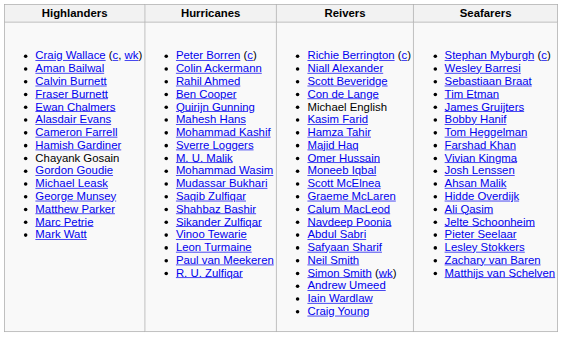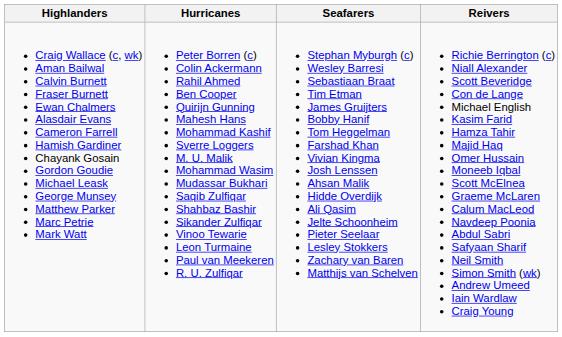 <table class="wikitable">
 <tr>
 <th>Highlanders</th>
 <th>Hurricanes</th>
+<th>Seafarers</th>
 <th>Reivers</th>
-<th>Seafarers</th>
 </tr>
 <tr style="vertical-align:top">
 <td><br><ul><li><a href='#'>Craig Wallace</a> (<a href='#'>c</a>, <a href='#'>wk</a>)</li><li><a href='#'>Aman Bailwal</a></li><li><a href='#'>Calvin Burnett</a></li><li><a href='#'>Fraser Burnett</a></li><li><a href='#'>Ewan Chalmers</a></li><li><a href='#'>Alasdair Evans</a></li><li><a href='#'>Cameron Farrell</a></li><li><a href='#'>Hamish Gardiner</a></li><li>Chayank Gosain</li><li><a href='#'>Gordon Goudie</a></li><li><a href='#'>Michael Leask</a></li><li><a href='#'>George Munsey</a></li><li><a href='#'>Matthew Parker</a></li><li><a href='#'>Marc Petrie</a></li><li><a href='#'>Mark Watt</a></li></ul></td>
 <td><br><ul><li><a href='#'>Peter Borren</a> (<a href='#'>c</a>)</li><li><a href='#'>Colin Ackermann</a></li><li><a href='#'>Rahil Ahmed</a></li><li><a href='#'>Ben Cooper</a></li><li><a href='#'>Quirijn Gunning</a></li><li><a href='#'>Mahesh Hans</a></li><li><a href='#'>Mohammad Kashif</a></li><li><a href='#'>Sverre Loggers</a></li><li><a href='#'>M. U. Malik</a></li><li><a href='#'>Mohammad Wasim</a></li><li><a href='#'>Mudassar Bukhari</a></li><li><a href='#'>Saqib Zulfiqar</a></li><li><a href='#'>Shahbaz Bashir</a></li><li><a href='#'>Sikander Zulfiqar</a></li><li><a href='#'>Vinoo Tewarie</a></li><li><a href='#'>Leon Turmaine</a></li><li><a href='#'>Paul van Meekeren</a></li><li><a href='#'>R. U. Zulfiqar</a></li></ul></td>
+<td><br><ul><li><a href='#'>Stephan Myburgh</a> (<a href='#'>c</a>)</li><li><a href='#'>Wesley Barresi</a></li><li><a href='#'>Sebastiaan Braat</a></li><li><a href='#'>Tim Etman</a></li><li><a href='#'>James Gruijters</a></li><li><a href='#'>Bobby Hanif</a></li><li><a href='#'>Tom Heggelman</a></li><li><a href='#'>Farshad Khan</a></li><li><a href='#'>Vivian Kingma</a></li><li><a href='#'>Josh Lenssen</a></li><li><a href='#'>Ahsan Malik</a></li><li><a href='#'>Hidde Overdijk</a></li><li><a href='#'>Ali Qasim</a></li><li><a href='#'>Jelte Schoonheim</a></li><li><a href='#'>Pieter Seelaar</a></li><li><a href='#'>Lesley Stokkers</a></li><li><a href='#'>Zachary van Baren</a></li><li><a href='#'>Matthijs van Schelven</a></li></ul></td>
 <td><br><ul><li><a href='#'>Richie Berrington</a> (<a href='#'>c</a>)</li><li><a href='#'>Niall Alexander</a></li><li><a href='#'>Scott Beveridge</a></li><li><a href='#'>Con de Lange</a></li><li>Michael English</li><li><a href='#'>Kasim Farid</a></li><li><a href='#'>Hamza Tahir</a></li><li><a href='#'>Majid Haq</a></li><li><a href='#'>Omer Hussain</a></li><li><a href='#'>Moneeb Iqbal</a></li><li><a href='#'>Scott McElnea</a></li><li><a href='#'>Graeme McLaren</a></li><li><a href='#'>Calum MacLeod</a></li><li><a href='#'>Navdeep Poonia</a></li><li><a href='#'>Abdul Sabri</a></li><li><a href='#'>Safyaan Sharif</a></li><li><a href='#'>Neil Smith</a></li><li><a href='#'>Simon Smith</a> (<a href='#'>wk</a>)</li><li><a href='#'>Andrew Umeed</a></li><li><a href='#'>Iain Wardlaw</a></li><li><a href='#'>Craig Young</a></li></ul></td>
-<td><br><ul><li><a href='#'>Stephan Myburgh</a> (<a href='#'>c</a>)</li><li><a href='#'>Wesley Barresi</a></li><li><a href='#'>Sebastiaan Braat</a></li><li><a href='#'>Tim Etman</a></li><li><a href='#'>James Gruijters</a></li><li><a href='#'>Bobby Hanif</a></li><li><a href='#'>Tom Heggelman</a></li><li><a href='#'>Farshad Khan</a></li><li><a href='#'>Vivian Kingma</a></li><li><a href='#'>Josh Lenssen</a></li><li><a href='#'>Ahsan Malik</a></li><li><a href='#'>Hidde Overdijk</a></li><li><a href='#'>Ali Qasim</a></li><li><a href='#'>Jelte Schoonheim</a></li><li><a href='#'>Pieter Seelaar</a></li><li><a href='#'>Lesley Stokkers</a></li><li><a href='#'>Zachary van Baren</a></li><li><a href='#'>Matthijs van Schelven</a></li></ul></td>
 </tr>
 </table>
